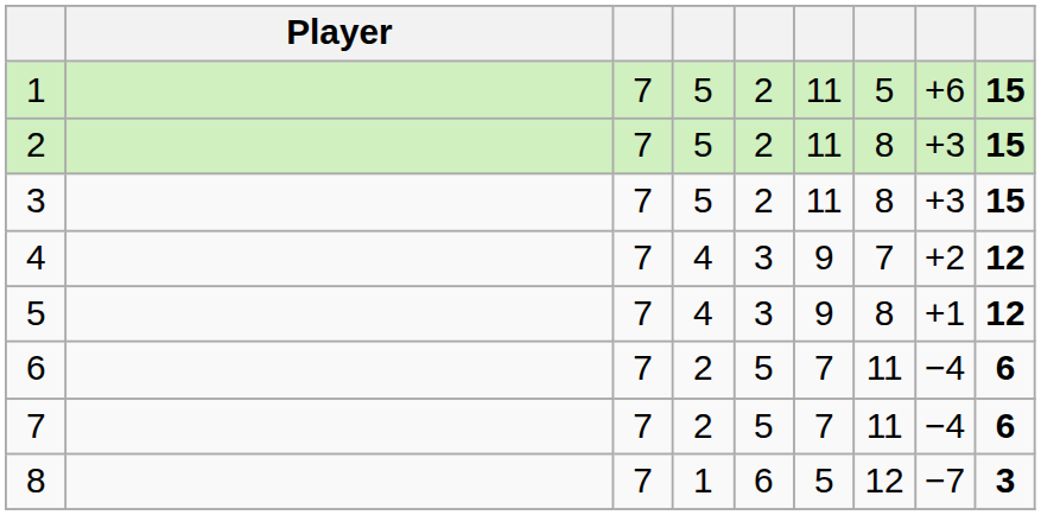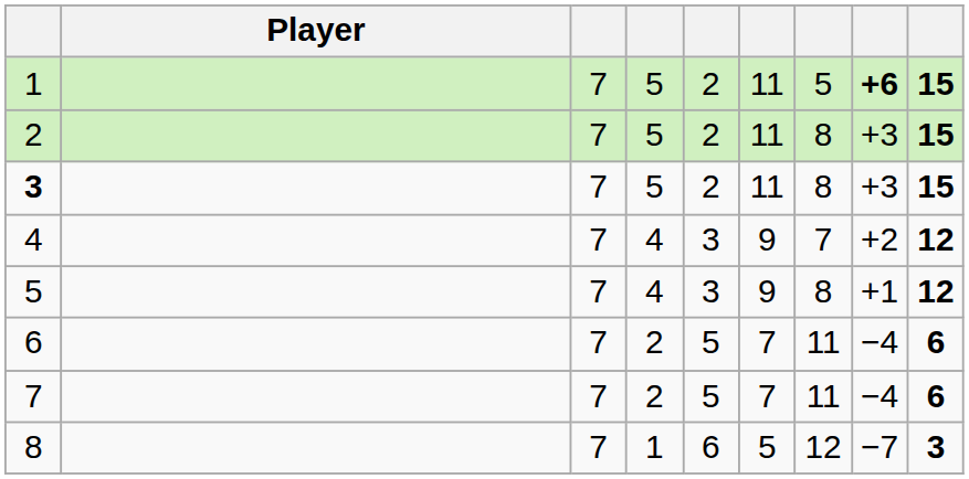 <table class="wikitable" style="text-align:center; margin: 1em auto 1em auto, align:left">
 <tr>
 <th width=20></th>
 <th width=240>Player</th>
 <th width=20></th>
 <th width=20></th>
 <th width=20></th>
 <th width=20></th>
 <th width=20></th>
 <th width=20></th>
 <th width=20></th>
 </tr>
 <tr style="background:#D0F0C0;">
 <td>1</td>
 <td align=left></td>
 <td>7</td>
 <td>5</td>
 <td>2</td>
 <td>11</td>
 <td>5</td>
-<td>+6</td>
+<td><strong>+6</strong></td>
 <td><strong>15</strong></td>
 </tr>
 <tr style="background:#D0F0C0;">
 <td>2</td>
 <td align=left></td>
 <td>7</td>
 <td>5</td>
 <td>2</td>
 <td>11</td>
 <td>8</td>
 <td>+3</td>
 <td><strong>15</strong></td>
 </tr>
 <tr style=>
-<td>3</td>
+<td><strong>3</strong></td>
 <td align=left></td>
 <td>7</td>
 <td>5</td>
 <td>2</td>
 <td>11</td>
 <td>8</td>
 <td>+3</td>
 <td><strong>15</strong></td>
 </tr>
 <tr style=>
 <td>4</td>
 <td align=left></td>
 <td>7</td>
 <td>4</td>
 <td>3</td>
 <td>9</td>
 <td>7</td>
 <td>+2</td>
 <td><strong>12</strong></td>
 </tr>
 <tr style=>
 <td>5</td>
 <td align=left></td>
 <td>7</td>
 <td>4</td>
 <td>3</td>
 <td>9</td>
 <td>8</td>
 <td>+1</td>
 <td><strong>12</strong></td>
 </tr>
 <tr style=>
 <td>6</td>
 <td align=left></td>
 <td>7</td>
 <td>2</td>
 <td>5</td>
 <td>7</td>
 <td>11</td>
 <td>−4</td>
 <td><strong>6</strong></td>
 </tr>
 <tr style=>
 <td>7</td>
 <td align=left></td>
 <td>7</td>
 <td>2</td>
 <td>5</td>
 <td>7</td>
 <td>11</td>
 <td>−4</td>
 <td><strong>6</strong></td>
 </tr>
 <tr style=>
 <td>8</td>
 <td align=left></td>
 <td>7</td>
 <td>1</td>
 <td>6</td>
 <td>5</td>
 <td>12</td>
 <td>−7</td>
 <td><strong>3</strong></td>
 </tr>
 </table>
